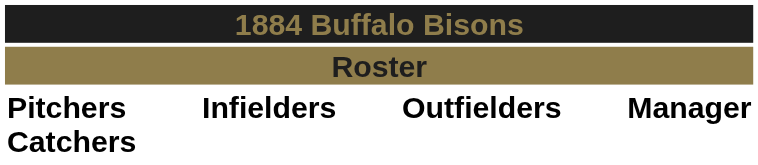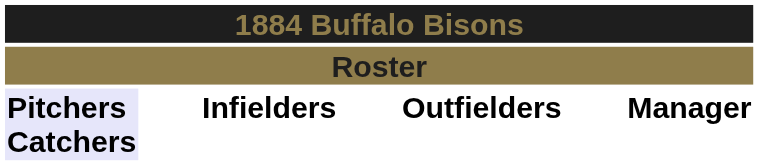 <table class="toccolours" style="font-size: 95%;">
 <tr>
 <th colspan="10" style="background-color: #1E1E1E; color: #8F7D4B; text-align: center;">1884 Buffalo Bisons</th>
 </tr>
 <tr>
 <td colspan="10" style="background-color: #8F7D4B; color: #1E1E1E; text-align: center;"><strong>Roster</strong></td>
 </tr>
 <tr>
-<td valign="top"><strong>Pitchers</strong><br>   <strong>Catchers</strong>  </td>
+<td valign="top" style="background: lavender;"><strong>Pitchers</strong><br>   <strong>Catchers</strong>  </td>
 <td width="25px"></td>
 <td valign="top"><strong>Infielders</strong><br>    </td>
 <td width="25px"></td>
 <td valign="top"><strong>Outfielders</strong><br>    </td>
 <td width="25px"></td>
 <td valign="top"><strong>Manager</strong><br></td>
 </tr>
 </table>
